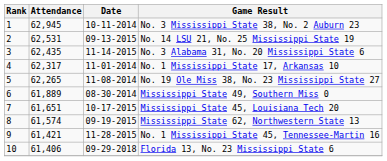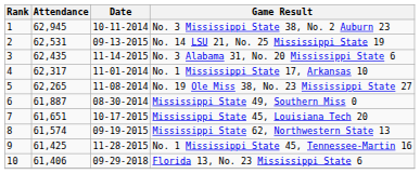 <table class="wikitable sortable" style="text-align:left;">
 <tr>
 <th>Rank</th>
 <th>Attendance</th>
 <th>Date</th>
 <th class="unsortable">Game Result</th>
 </tr>
 <tr>
 <td>1</td>
 <td>62,945</td>
 <td>10-11-2014</td>
 <td>No. 3 <a href='#'>Mississippi State</a> 38, No. 2 <a href='#'>Auburn</a> 23</td>
 </tr>
 <tr>
 <td>2</td>
 <td>62,531</td>
 <td>09-13-2015</td>
 <td>No. 14 <a href='#'>LSU</a> 21, No. 25 <a href='#'>Mississippi State</a> 19</td>
 </tr>
 <tr>
 <td>3</td>
 <td>62,435</td>
 <td>11-14-2015</td>
 <td>No. 3 <a href='#'>Alabama</a> 31, No. 20 <a href='#'>Mississippi State</a> 6</td>
 </tr>
 <tr>
 <td>4</td>
 <td>62,317</td>
 <td>11-01-2014</td>
 <td>No. 1 <a href='#'>Mississippi State</a> 17, <a href='#'>Arkansas</a> 10</td>
 </tr>
 <tr>
 <td>5</td>
 <td>62,265</td>
 <td>11-08-2014</td>
 <td>No. 19 <a href='#'>Ole Miss</a> 38, No. 23 <a href='#'>Mississippi State</a> 27</td>
 </tr>
 <tr>
 <td>6</td>
-<td>61,889</td>
+<td>61,887</td>
 <td>08-30-2014</td>
 <td><a href='#'>Mississippi State</a> 49, <a href='#'>Southern Miss</a> 0</td>
 </tr>
 <tr>
 <td>7</td>
 <td>61,651</td>
 <td>10-17-2015</td>
 <td><a href='#'>Mississippi State</a> 45, <a href='#'>Louisiana Tech</a> 20</td>
 </tr>
 <tr>
 <td>8</td>
 <td>61,574</td>
 <td>09-19-2015</td>
 <td><a href='#'>Mississippi State</a> 62, <a href='#'>Northwestern State</a> 13</td>
 </tr>
 <tr>
 <td>9</td>
-<td>61,421</td>
+<td>61,425</td>
 <td>11-28-2015</td>
 <td>No. 1 <a href='#'>Mississippi State</a> 45, <a href='#'>Tennessee-Martin</a> 16</td>
 </tr>
 <tr>
 <td>10</td>
 <td>61,406</td>
 <td>09-29-2018</td>
 <td><a href='#'>Florida</a> 13, No. 23 <a href='#'>Mississippi State</a> 6</td>
 </tr>
 <tr>
 </tr>
 </table>
